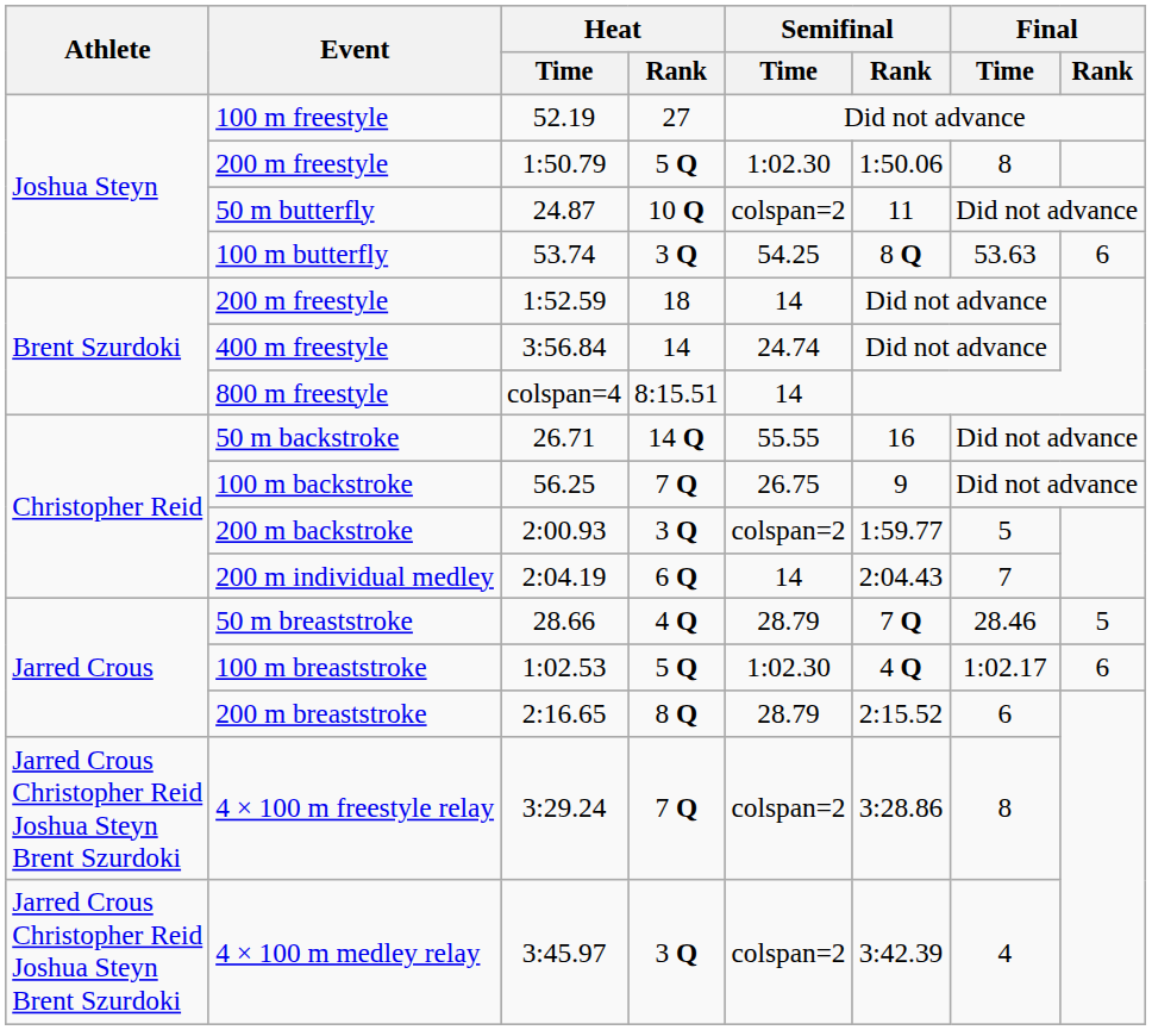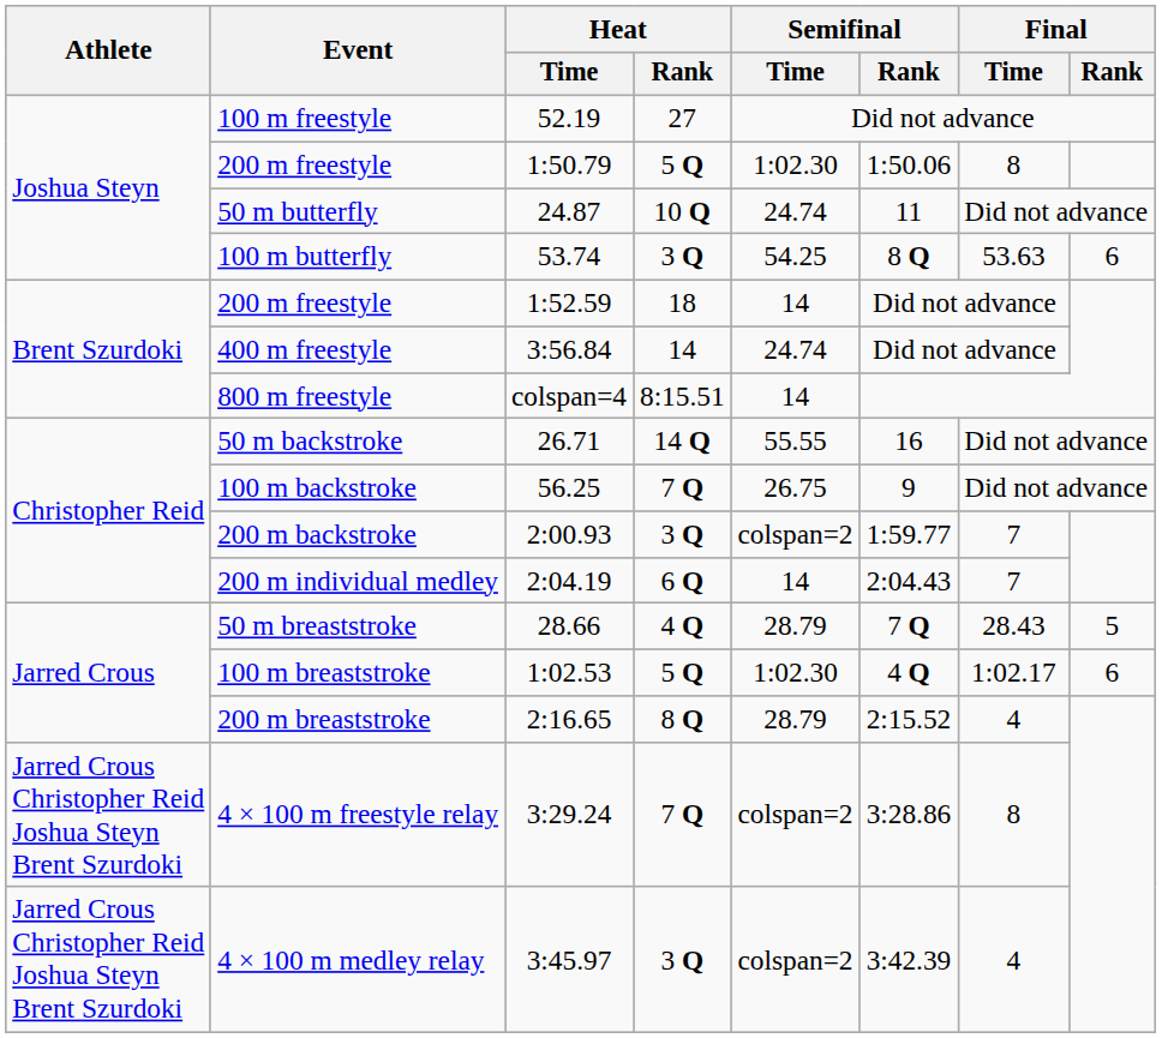 <table class=wikitable style="font-size:90%">
 <tr>
 <th rowspan=2>Athlete</th>
 <th rowspan=2>Event</th>
 <th colspan="2">Heat</th>
 <th colspan="2">Semifinal</th>
 <th colspan="2">Final</th>
 </tr>
 <tr style="font-size:95%">
 <th>Time</th>
 <th>Rank</th>
 <th>Time</th>
 <th>Rank</th>
 <th>Time</th>
 <th>Rank</th>
 </tr>
 <tr align=center>
 <td align=left rowspan=4><a href='#'>Joshua Steyn</a></td>
 <td align=left><a href='#'>100 m freestyle</a></td>
 <td>52.19</td>
 <td>27</td>
 <td colspan=4>Did not advance</td>
 </tr>
 <tr align=center>
 <td align=left><a href='#'>200 m freestyle</a></td>
 <td>1:50.79</td>
 <td>5 <strong>Q</strong></td>
 <td>1:02.30</td>
 <td>1:50.06</td>
 <td>8</td>
 </tr>
 <tr align=center>
 <td align=left><a href='#'>50 m butterfly</a></td>
 <td>24.87</td>
 <td>10 <strong>Q</strong></td>
-<td>colspan=2 </td>
+<td>24.74</td>
 <td>11</td>
 <td colspan=2>Did not advance</td>
 </tr>
 <tr align=center>
 <td align=left><a href='#'>100 m butterfly</a></td>
 <td>53.74</td>
 <td>3 <strong>Q</strong></td>
 <td>54.25</td>
 <td>8 <strong>Q</strong></td>
 <td>53.63</td>
 <td>6</td>
 </tr>
 <tr align=center>
 <td align=left rowspan=3><a href='#'>Brent Szurdoki</a></td>
 <td align=left><a href='#'>200 m freestyle</a></td>
 <td>1:52.59</td>
 <td>18</td>
 <td>14</td>
 <td colspan=2>Did not advance</td>
 </tr>
 <tr align=center>
 <td align=left><a href='#'>400 m freestyle</a></td>
 <td>3:56.84</td>
 <td>14</td>
 <td>24.74</td>
 <td colspan=2>Did not advance</td>
 </tr>
 <tr align=center>
 <td align=left><a href='#'>800 m freestyle</a></td>
 <td>colspan=4 </td>
 <td>8:15.51</td>
 <td>14</td>
 </tr>
 <tr align=center>
 <td align=left rowspan=4><a href='#'>Christopher Reid</a></td>
 <td align=left><a href='#'>50 m backstroke</a></td>
 <td>26.71</td>
 <td>14 <strong>Q</strong></td>
 <td>55.55</td>
 <td>16</td>
 <td colspan=2>Did not advance</td>
 </tr>
 <tr align=center>
 <td align=left><a href='#'>100 m backstroke</a></td>
 <td>56.25</td>
 <td>7 <strong>Q</strong></td>
 <td>26.75</td>
 <td>9</td>
 <td colspan=2>Did not advance</td>
 </tr>
 <tr align=center>
 <td align=left><a href='#'>200 m backstroke</a></td>
 <td>2:00.93</td>
 <td>3 <strong>Q</strong></td>
 <td>colspan=2 </td>
 <td>1:59.77</td>
-<td>5</td>
+<td>7</td>
 </tr>
 <tr align=center>
 <td align=left><a href='#'>200 m individual medley</a></td>
 <td>2:04.19</td>
 <td>6 <strong>Q</strong></td>
 <td>14</td>
 <td>2:04.43</td>
 <td>7</td>
 </tr>
 <tr align=center>
 <td align=left rowspan=3><a href='#'>Jarred Crous</a></td>
 <td align=left><a href='#'>50 m breaststroke</a></td>
 <td>28.66</td>
 <td>4 <strong>Q</strong></td>
 <td>28.79</td>
 <td>7 <strong>Q</strong></td>
-<td>28.46</td>
+<td>28.43</td>
 <td>5</td>
 </tr>
 <tr align=center>
 <td align=left><a href='#'>100 m breaststroke</a></td>
 <td>1:02.53</td>
 <td>5 <strong>Q</strong></td>
 <td>1:02.30</td>
 <td>4 <strong>Q</strong></td>
 <td>1:02.17</td>
 <td>6</td>
 </tr>
 <tr align=center>
 <td align=left><a href='#'>200 m breaststroke</a></td>
 <td>2:16.65</td>
 <td>8 <strong>Q</strong></td>
 <td>28.79</td>
 <td>2:15.52</td>
-<td>6</td>
+<td>4</td>
 </tr>
 <tr align=center>
 <td align=left><a href='#'>Jarred Crous</a><br><a href='#'>Christopher Reid</a><br><a href='#'>Joshua Steyn</a><br><a href='#'>Brent Szurdoki</a></td>
 <td align=left><a href='#'>4 × 100 m freestyle relay</a></td>
 <td>3:29.24</td>
 <td>7 <strong>Q</strong></td>
 <td>colspan=2 </td>
 <td>3:28.86</td>
 <td>8</td>
 </tr>
 <tr align=center>
 <td align=left><a href='#'>Jarred Crous</a><br><a href='#'>Christopher Reid</a><br><a href='#'>Joshua Steyn</a><br><a href='#'>Brent Szurdoki</a></td>
 <td align=left><a href='#'>4 × 100 m medley relay</a></td>
 <td>3:45.97</td>
 <td>3 <strong>Q</strong></td>
 <td>colspan=2 </td>
 <td>3:42.39</td>
 <td>4</td>
 </tr>
 </table>
